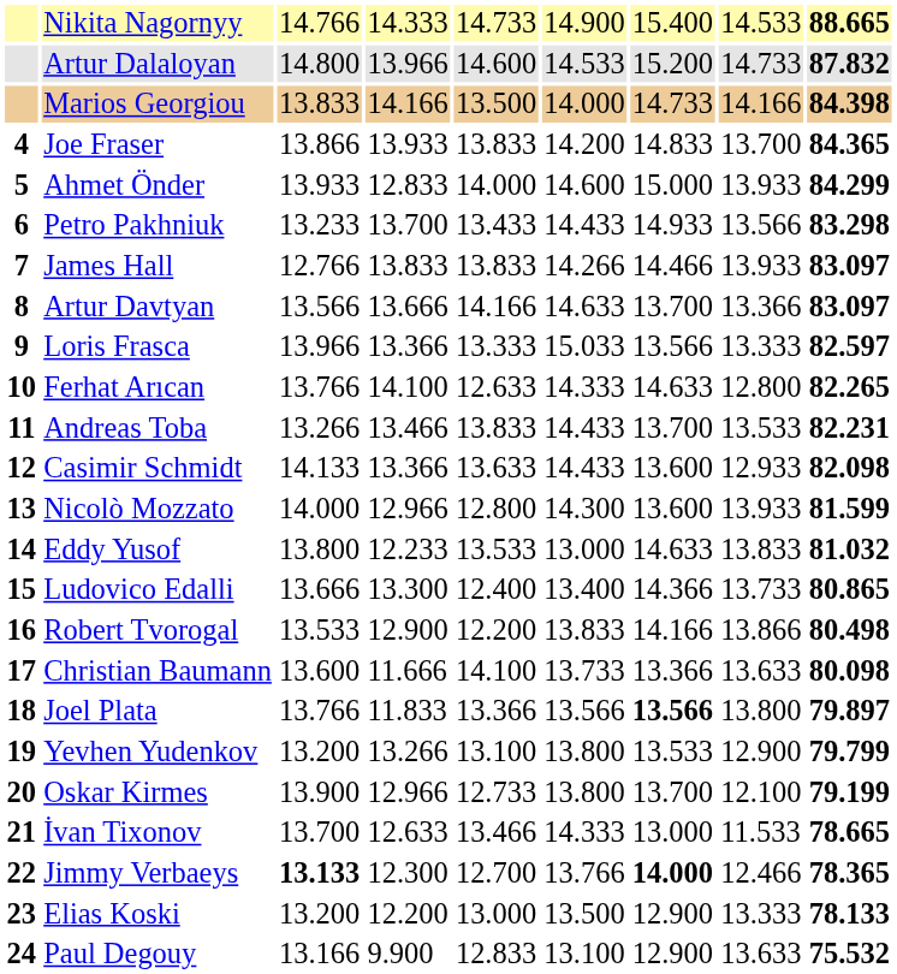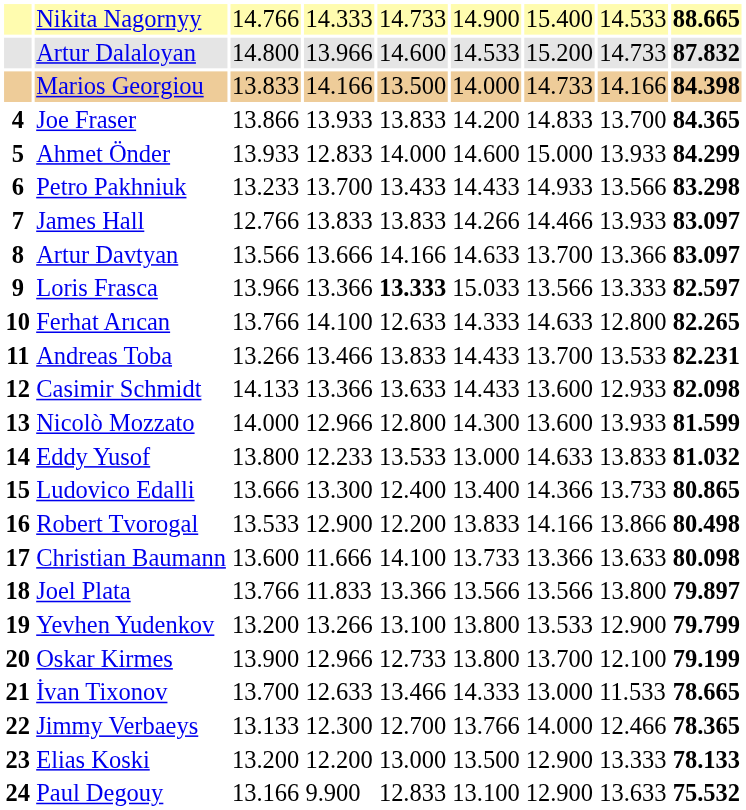 <table>
 <tr style="background:#fffcaf;">
 <th scope=row style="text-align:center"></th>
 <td style="text-align:left"> <a href='#'>Nikita Nagornyy</a></td>
 <td>14.766</td>
 <td>14.333</td>
 <td>14.733</td>
 <td>14.900</td>
 <td>15.400</td>
 <td>14.533</td>
 <td><strong>88.665</strong></td>
 </tr>
 <tr style="background:#e5e5e5;">
 <th scope=row style="text-align:center"></th>
 <td style="text-align:left"> <a href='#'>Artur Dalaloyan</a></td>
 <td>14.800</td>
 <td>13.966</td>
 <td>14.600</td>
 <td>14.533</td>
 <td>15.200</td>
 <td>14.733</td>
 <td><strong>87.832</strong></td>
 </tr>
 <tr style="background:#ec9;">
 <th scope=row style="text-align:center"></th>
 <td style="text-align:left"> <a href='#'>Marios Georgiou</a></td>
 <td>13.833</td>
 <td>14.166</td>
 <td>13.500</td>
 <td>14.000</td>
 <td>14.733</td>
 <td>14.166</td>
 <td><strong>84.398</strong></td>
 </tr>
 <tr>
 <th scope=row style="text-align:center">4</th>
 <td style="text-align:left"> <a href='#'>Joe Fraser</a></td>
 <td>13.866</td>
 <td>13.933</td>
 <td>13.833</td>
 <td>14.200</td>
 <td>14.833</td>
 <td>13.700</td>
 <td><strong>84.365</strong></td>
 </tr>
 <tr>
 <th scope=row style="text-align:center">5</th>
 <td style="text-align:left"> <a href='#'>Ahmet Önder</a></td>
 <td>13.933</td>
 <td>12.833</td>
 <td>14.000</td>
 <td>14.600</td>
 <td>15.000</td>
 <td>13.933</td>
 <td><strong>84.299</strong></td>
 </tr>
 <tr>
 <th scope=row style="text-align:center">6</th>
 <td style="text-align:left"> <a href='#'>Petro Pakhniuk</a></td>
 <td>13.233</td>
 <td>13.700</td>
 <td>13.433</td>
 <td>14.433</td>
 <td>14.933</td>
 <td>13.566</td>
 <td><strong>83.298</strong></td>
 </tr>
 <tr>
 <th scope=row style="text-align:center">7</th>
 <td style="text-align:left"> <a href='#'>James Hall</a></td>
 <td>12.766</td>
 <td>13.833</td>
 <td>13.833</td>
 <td>14.266</td>
 <td>14.466</td>
 <td>13.933</td>
 <td><strong>83.097</strong></td>
 </tr>
 <tr>
 <th scope=row style="text-align:center">8</th>
 <td style="text-align:left"> <a href='#'>Artur Davtyan</a></td>
 <td>13.566</td>
 <td>13.666</td>
 <td>14.166</td>
 <td>14.633</td>
 <td>13.700</td>
 <td>13.366</td>
 <td><strong>83.097</strong></td>
 </tr>
 <tr>
 <th scope=row style="text-align:center">9</th>
 <td style="text-align:left"> <a href='#'>Loris Frasca</a></td>
 <td>13.966</td>
 <td>13.366</td>
-<td>13.333</td>
+<td><strong>13.333</strong></td>
 <td>15.033</td>
 <td>13.566</td>
 <td>13.333</td>
 <td><strong>82.597</strong></td>
 </tr>
 <tr>
 <th scope=row style="text-align:center">10</th>
 <td style="text-align:left"> <a href='#'>Ferhat Arıcan</a></td>
 <td>13.766</td>
 <td>14.100</td>
 <td>12.633</td>
 <td>14.333</td>
 <td>14.633</td>
 <td>12.800</td>
 <td><strong>82.265</strong></td>
 </tr>
 <tr>
 <th scope=row style="text-align:center">11</th>
 <td style="text-align:left"> <a href='#'>Andreas Toba</a></td>
 <td>13.266</td>
 <td>13.466</td>
 <td>13.833</td>
 <td>14.433</td>
 <td>13.700</td>
 <td>13.533</td>
 <td><strong>82.231</strong></td>
 </tr>
 <tr>
 <th scope=row style="text-align:center">12</th>
 <td style="text-align:left"> <a href='#'>Casimir Schmidt</a></td>
 <td>14.133</td>
 <td>13.366</td>
 <td>13.633</td>
 <td>14.433</td>
 <td>13.600</td>
 <td>12.933</td>
 <td><strong>82.098</strong></td>
 </tr>
 <tr>
 <th scope=row style="text-align:center">13</th>
 <td style="text-align:left"> <a href='#'>Nicolò Mozzato</a></td>
 <td>14.000</td>
 <td>12.966</td>
 <td>12.800</td>
 <td>14.300</td>
 <td>13.600</td>
 <td>13.933</td>
 <td><strong>81.599</strong></td>
 </tr>
 <tr>
 <th scope=row style="text-align:center">14</th>
 <td style="text-align:left"> <a href='#'>Eddy Yusof</a></td>
 <td>13.800</td>
 <td>12.233</td>
 <td>13.533</td>
 <td>13.000</td>
 <td>14.633</td>
 <td>13.833</td>
 <td><strong>81.032</strong></td>
 </tr>
 <tr>
 <th scope=row style="text-align:center">15</th>
 <td style="text-align:left"> <a href='#'>Ludovico Edalli</a></td>
 <td>13.666</td>
 <td>13.300</td>
 <td>12.400</td>
 <td>13.400</td>
 <td>14.366</td>
 <td>13.733</td>
 <td><strong>80.865</strong></td>
 </tr>
 <tr>
 <th scope=row style="text-align:center">16</th>
 <td style="text-align:left"> <a href='#'>Robert Tvorogal</a></td>
 <td>13.533</td>
 <td>12.900</td>
 <td>12.200</td>
 <td>13.833</td>
 <td>14.166</td>
 <td>13.866</td>
 <td><strong>80.498</strong></td>
 </tr>
 <tr>
 <th scope=row style="text-align:center">17</th>
 <td style="text-align:left"> <a href='#'>Christian Baumann</a></td>
 <td>13.600</td>
 <td>11.666</td>
 <td>14.100</td>
 <td>13.733</td>
 <td>13.366</td>
 <td>13.633</td>
 <td><strong>80.098</strong></td>
 </tr>
 <tr>
 <th scope=row style="text-align:center">18</th>
 <td style="text-align:left"> <a href='#'>Joel Plata</a></td>
 <td>13.766</td>
 <td>11.833</td>
 <td>13.366</td>
 <td>13.566</td>
-<td><strong>13.566</strong></td>
+<td>13.566</td>
 <td>13.800</td>
 <td><strong>79.897</strong></td>
 </tr>
 <tr>
 <th scope=row style="text-align:center">19</th>
 <td style="text-align:left"> <a href='#'>Yevhen Yudenkov</a></td>
 <td>13.200</td>
 <td>13.266</td>
 <td>13.100</td>
 <td>13.800</td>
 <td>13.533</td>
 <td>12.900</td>
 <td><strong>79.799</strong></td>
 </tr>
 <tr>
 <th scope=row style="text-align:center">20</th>
 <td style="text-align:left"> <a href='#'>Oskar Kirmes</a></td>
 <td>13.900</td>
 <td>12.966</td>
 <td>12.733</td>
 <td>13.800</td>
 <td>13.700</td>
 <td>12.100</td>
 <td><strong>79.199</strong></td>
 </tr>
 <tr>
 <th scope=row style="text-align:center">21</th>
 <td style="text-align:left"> <a href='#'>İvan Tixonov</a></td>
 <td>13.700</td>
 <td>12.633</td>
 <td>13.466</td>
 <td>14.333</td>
 <td>13.000</td>
 <td>11.533</td>
 <td><strong>78.665</strong></td>
 </tr>
 <tr>
 <th scope=row style="text-align:center">22</th>
 <td style="text-align:left"> <a href='#'>Jimmy Verbaeys</a></td>
-<td><strong>13.133</strong></td>
+<td>13.133</td>
 <td>12.300</td>
 <td>12.700</td>
 <td>13.766</td>
-<td><strong>14.000</strong></td>
+<td>14.000</td>
 <td>12.466</td>
 <td><strong>78.365</strong></td>
 </tr>
 <tr>
 <th scope=row style="text-align:center">23</th>
 <td style="text-align:left"> <a href='#'>Elias Koski</a></td>
 <td>13.200</td>
 <td>12.200</td>
 <td>13.000</td>
 <td>13.500</td>
 <td>12.900</td>
 <td>13.333</td>
 <td><strong>78.133</strong></td>
 </tr>
 <tr>
 <th scope=row style="text-align:center">24</th>
 <td style="text-align:left"> <a href='#'>Paul Degouy</a></td>
 <td>13.166</td>
 <td>9.900</td>
 <td>12.833</td>
 <td>13.100</td>
 <td>12.900</td>
 <td>13.633</td>
 <td><strong>75.532</strong></td>
 </tr>
 </table>
